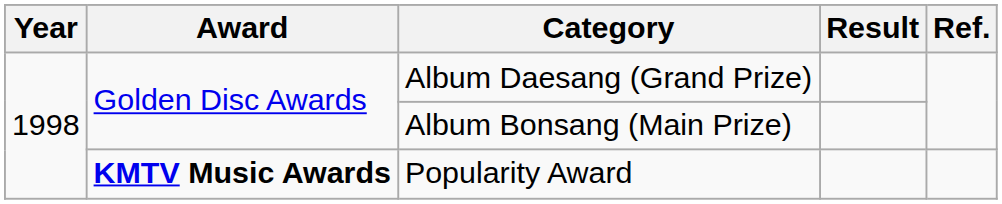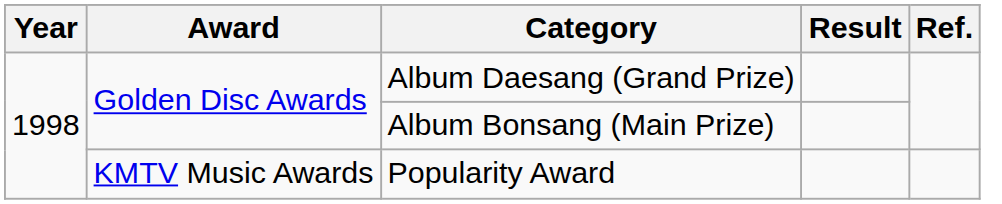 <table class="wikitable plainrowheaders">
 <tr>
 <th>Year</th>
 <th>Award</th>
 <th>Category</th>
 <th>Result</th>
 <th>Ref.</th>
 </tr>
 <tr>
 <td rowspan="3">1998</td>
 <td rowspan="2"><a href='#'>Golden Disc Awards</a></td>
 <td>Album Daesang (Grand Prize)</td>
 <td></td>
 <td rowspan="2" align="center"></td>
 </tr>
 <tr>
 <td>Album Bonsang (Main Prize)</td>
 <td></td>
 </tr>
 <tr>
-<td><strong><a href='#'>KMTV</a> Music Awards</strong></td>
+<td><a href='#'>KMTV</a> Music Awards</td>
 <td>Popularity Award</td>
 <td></td>
 <td></td>
 </tr>
 </table>
